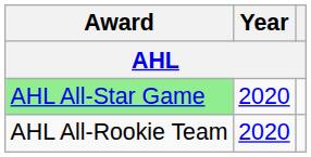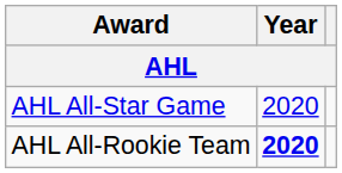 <table class="wikitable">
 <tr>
 <th>Award</th>
 <th>Year</th>
 <th></th>
 </tr>
 <tr>
 <th colspan="3"><a href='#'>AHL</a></th>
 </tr>
 <tr>
-<td style="background: lightgreen;"><a href='#'>AHL All-Star Game</a></td>
+<td><a href='#'>AHL All-Star Game</a></td>
 <td><a href='#'>2020</a></td>
 <td></td>
 </tr>
 <tr>
 <td>AHL All-Rookie Team</td>
-<td><a href='#'>2020</a></td>
+<td><strong><a href='#'>2020</a></strong></td>
 <td></td>
 </tr>
 </table>
